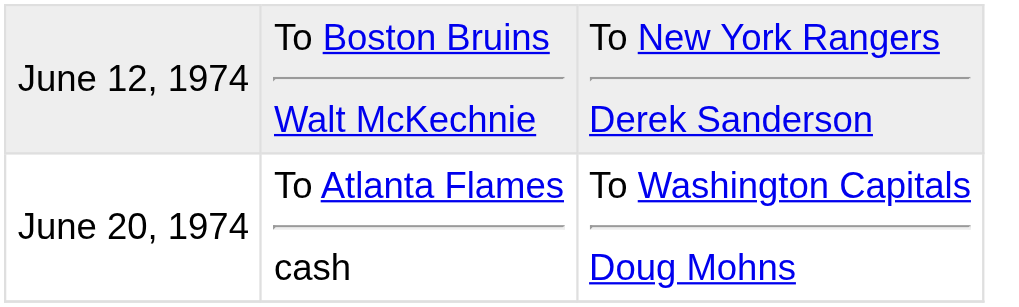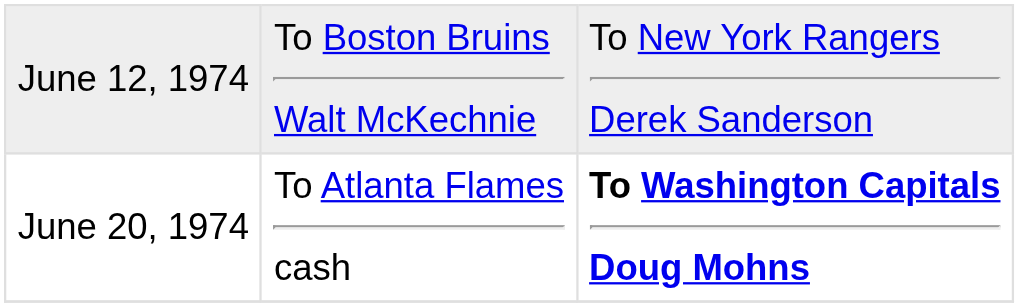 <table border=1 style="border-collapse:collapse" bordercolor="#DFDFDF"  cellpadding="5">
 <tr bgcolor="#eeeeee">
 <td>June 12, 1974</td>
 <td valign="top">To <a href='#'>Boston Bruins</a><hr><a href='#'>Walt McKechnie</a></td>
 <td valign="top">To <a href='#'>New York Rangers</a><hr><a href='#'>Derek Sanderson</a></td>
 </tr>
 <tr>
 <td>June 20, 1974</td>
 <td valign="top">To <a href='#'>Atlanta Flames</a><hr>cash</td>
-<td valign="top">To <a href='#'>Washington Capitals</a><hr><a href='#'>Doug Mohns</a></td>
+<td valign="top"><strong>To <a href='#'>Washington Capitals</a><hr><a href='#'>Doug Mohns</a></strong></td>
 </tr>
 <tr>
 </tr>
 </table>
